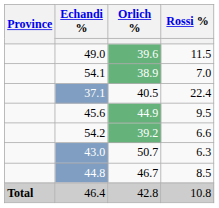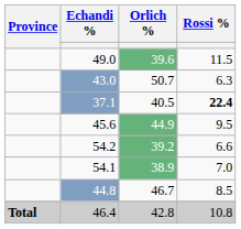 <table class="wikitable sortable" style="text-align:right; font-size:95%">
 <tr>
 <th rowspan=2><a href='#'>Province</a></th>
 <th width=60px><a href='#'>Echandi</a> %</th>
 <th width=60px><a href='#'>Orlich</a> %</th>
 <th width=60px><a href='#'>Rossi</a> %</th>
 </tr>
 <tr>
 <th style="background:"></th>
 <th style="background:"></th>
 <th style="background:"></th>
 </tr>
 <tr>
 <td align="left"></td>
 <td style="background:">49.0</td>
 <td style="background:#66B27B; color:white;">39.6</td>
 <td>11.5</td>
 </tr>
 <tr>
 <td align="left"></td>
-<td style="background:">54.1</td>
-<td style="background:#66B27B; color:white;">38.9</td>
-<td>7.0</td>
+<td style="background:#809ec1; color:white;">43.0</td>
+<td style="background:">50.7</td>
+<td>6.3</td>
 </tr>
 <tr>
 <td align="left"></td>
 <td style="background:#809ec1; color:white;">37.1</td>
 <td style="background:">40.5</td>
-<td>22.4</td>
+<td><strong>22.4</strong></td>
 </tr>
 <tr>
 <td align="left"></td>
 <td style="background:">45.6</td>
 <td style="background:#66B27B; color:white;">44.9</td>
 <td>9.5</td>
 </tr>
 <tr>
 <td align="left"></td>
 <td style="background:">54.2</td>
 <td style="background:#66B27B; color:white;">39.2</td>
 <td>6.6</td>
 </tr>
 <tr>
 <td align="left"></td>
-<td style="background:#809ec1; color:white;">43.0</td>
-<td style="background:">50.7</td>
-<td>6.3</td>
+<td style="background:">54.1</td>
+<td style="background:#66B27B; color:white;">38.9</td>
+<td>7.0</td>
 </tr>
 <tr>
 <td align="left"></td>
 <td style="background:#809ec1; color:white;">44.8</td>
 <td style="background:">46.7</td>
 <td>8.5</td>
 </tr>
 <tr style="background:#CDCDCD;">
 <td align="left"><strong>Total</strong></td>
 <td style="background:">46.4</td>
 <td>42.8</td>
 <td>10.8</td>
 </tr>
 </table>
